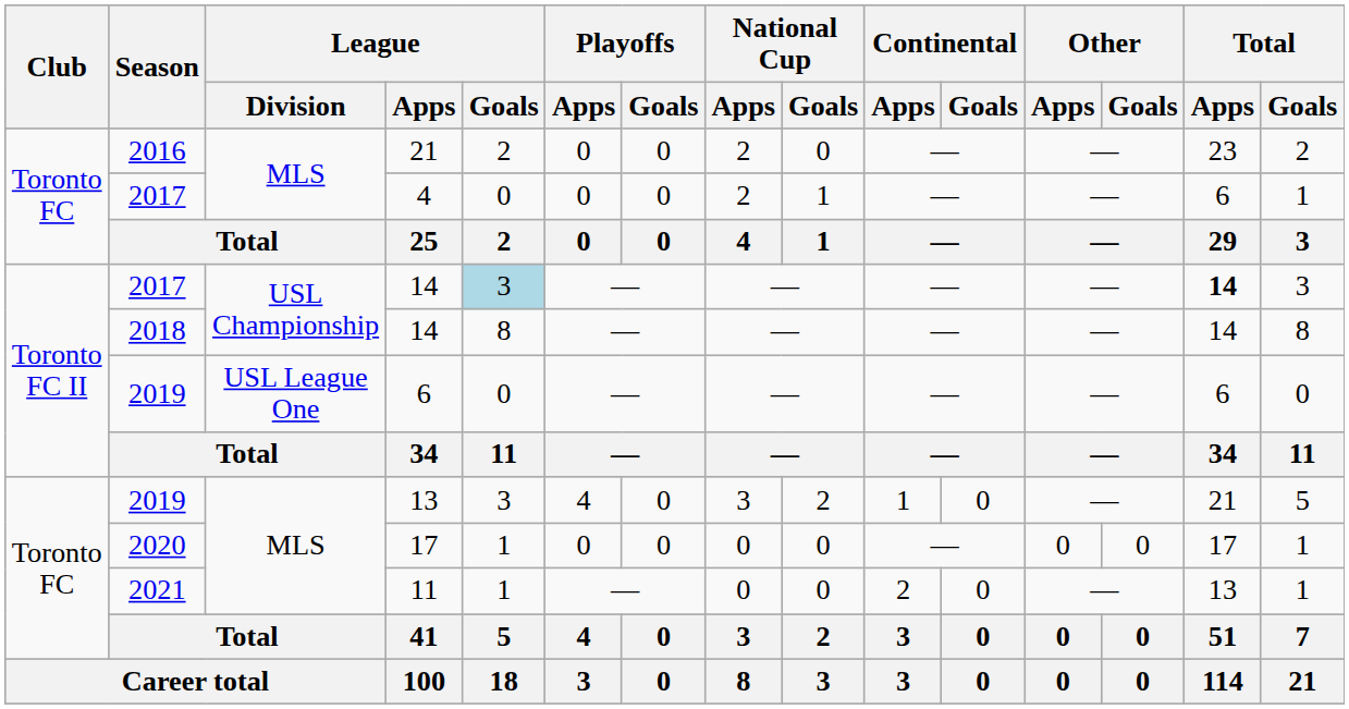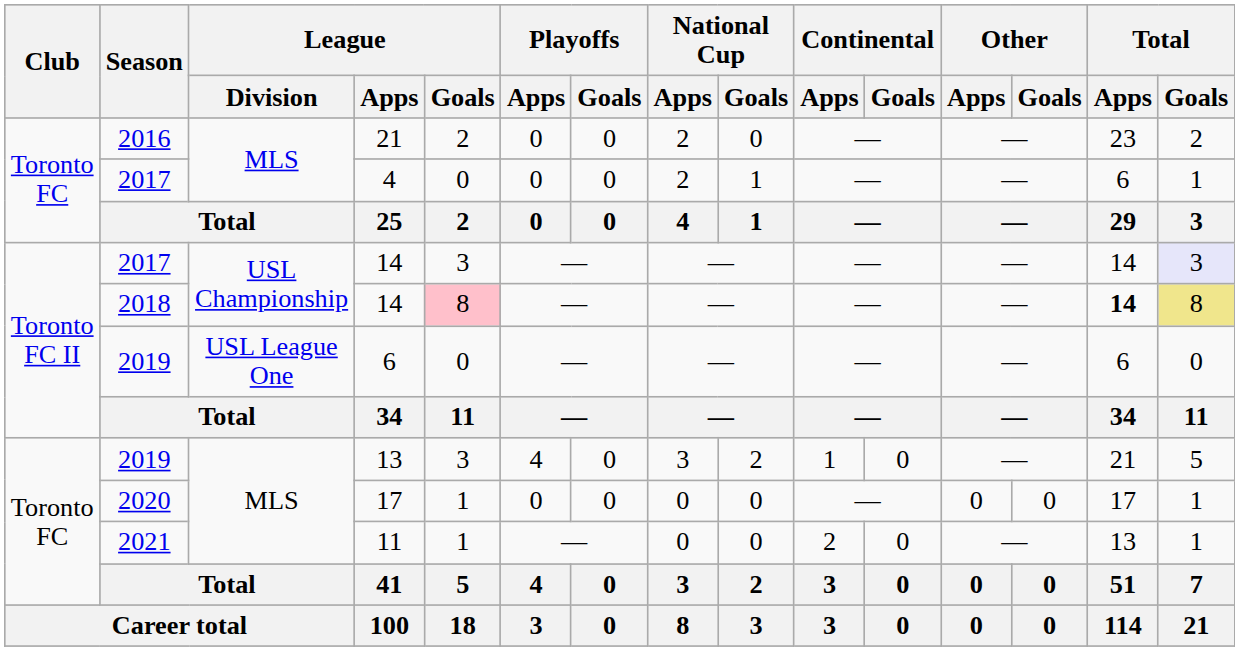 <table class=wikitable style="text-align: center;">
 <tr>
 <th rowspan="2">Club</th>
 <th rowspan="2">Season</th>
 <th colspan="3">League</th>
 <th colspan="2">Playoffs</th>
 <th colspan="2">National Cup</th>
 <th colspan="2">Continental</th>
 <th colspan="2">Other</th>
 <th colspan="2">Total</th>
 </tr>
 <tr>
 <th>Division</th>
 <th>Apps</th>
 <th>Goals</th>
 <th>Apps</th>
 <th>Goals</th>
 <th>Apps</th>
 <th>Goals</th>
 <th>Apps</th>
 <th>Goals</th>
 <th>Apps</th>
 <th>Goals</th>
 <th>Apps</th>
 <th>Goals</th>
 </tr>
 <tr>
 <td rowspan="3"><a href='#'>Toronto FC</a></td>
 <td><a href='#'>2016</a></td>
 <td rowspan="2"><a href='#'>MLS</a></td>
 <td>21</td>
 <td>2</td>
 <td>0</td>
 <td>0</td>
 <td>2</td>
 <td>0</td>
 <td colspan="2">—</td>
 <td colspan="2">—</td>
 <td>23</td>
 <td>2</td>
 </tr>
 <tr>
 <td><a href='#'>2017</a></td>
 <td>4</td>
 <td>0</td>
 <td>0</td>
 <td>0</td>
 <td>2</td>
 <td>1</td>
 <td colspan="2">—</td>
 <td colspan="2">—</td>
 <td>6</td>
 <td>1</td>
 </tr>
 <tr>
 <th colspan="2">Total</th>
 <th>25</th>
 <th>2</th>
 <th>0</th>
 <th>0</th>
 <th>4</th>
 <th>1</th>
 <th colspan="2">—</th>
 <th colspan="2">—</th>
 <th>29</th>
 <th>3</th>
 </tr>
 <tr>
 <td rowspan="4"><a href='#'>Toronto FC II</a></td>
 <td><a href='#'>2017</a></td>
 <td rowspan="2"><a href='#'>USL Championship</a></td>
 <td>14</td>
-<td style="background: lightblue;">3</td>
+<td>3</td>
+<td colspan="2">—</td>
+<td colspan="2">—</td>
+<td colspan="2">—</td>
+<td colspan="2">—</td>
+<td>14</td>
+<td style="background: lavender;">3</td>
+</tr>
+<tr>
+<td><a href='#'>2018</a></td>
+<td>14</td>
+<td style="background: pink;">8</td>
 <td colspan="2">—</td>
 <td colspan="2">—</td>
 <td colspan="2">—</td>
 <td colspan="2">—</td>
 <td><strong>14</strong></td>
-<td>3</td>
-</tr>
-<tr>
-<td><a href='#'>2018</a></td>
-<td>14</td>
-<td>8</td>
-<td colspan="2">—</td>
-<td colspan="2">—</td>
-<td colspan="2">—</td>
-<td colspan="2">—</td>
-<td>14</td>
-<td>8</td>
+<td style="background: khaki;">8</td>
 </tr>
 <tr>
 <td><a href='#'>2019</a></td>
 <td><a href='#'>USL League One</a></td>
 <td>6</td>
 <td>0</td>
 <td colspan="2">—</td>
 <td colspan="2">—</td>
 <td colspan="2">—</td>
 <td colspan="2">—</td>
 <td>6</td>
 <td>0</td>
 </tr>
 <tr>
 <th colspan="2">Total</th>
 <th>34</th>
 <th>11</th>
 <th colspan="2">—</th>
 <th colspan="2">—</th>
 <th colspan="2">—</th>
 <th colspan="2">—</th>
 <th>34</th>
 <th>11</th>
 </tr>
 <tr>
 <td rowspan="4">Toronto FC</td>
 <td><a href='#'>2019</a></td>
 <td rowspan="3">MLS</td>
 <td>13</td>
 <td>3</td>
 <td>4</td>
 <td>0</td>
 <td>3</td>
 <td>2</td>
 <td>1</td>
 <td>0</td>
 <td colspan="2">—</td>
 <td>21</td>
 <td>5</td>
 </tr>
 <tr>
 <td><a href='#'>2020</a></td>
 <td>17</td>
 <td>1</td>
 <td>0</td>
 <td>0</td>
 <td>0</td>
 <td>0</td>
 <td colspan="2">—</td>
 <td>0</td>
 <td>0</td>
 <td>17</td>
 <td>1</td>
 </tr>
 <tr>
 <td><a href='#'>2021</a></td>
 <td>11</td>
 <td>1</td>
 <td colspan="2">—</td>
 <td>0</td>
 <td>0</td>
 <td>2</td>
 <td>0</td>
 <td colspan="2">—</td>
 <td>13</td>
 <td>1</td>
 </tr>
 <tr>
 <th colspan="2">Total</th>
 <th>41</th>
 <th>5</th>
 <th>4</th>
 <th>0</th>
 <th>3</th>
 <th>2</th>
 <th>3</th>
 <th>0</th>
 <th>0</th>
 <th>0</th>
 <th>51</th>
 <th>7</th>
 </tr>
 <tr>
 <th colspan="3">Career total</th>
 <th>100</th>
 <th>18</th>
 <th>3</th>
 <th>0</th>
 <th>8</th>
 <th>3</th>
 <th>3</th>
 <th>0</th>
 <th>0</th>
 <th>0</th>
 <th>114</th>
 <th>21</th>
 </tr>
 </table>
